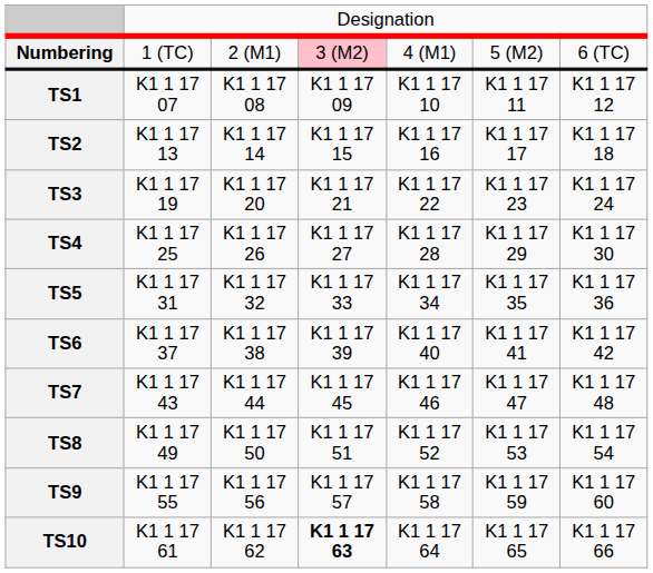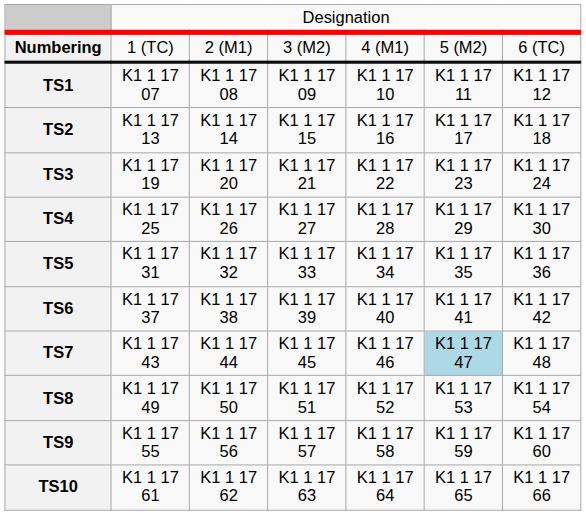 <table class="wikitable" summary="方面別編成表" style="text-align:center; margin-left:3em;">
 <tr>
 <td style="background:#ccc; width:6em;"> </td>
 <td colspan="6">Designation</td>
 </tr>
 <tr style="border-top:solid 5px #ff0000;">
 <th>Numbering</th>
 <td>1 (TC)</td>
 <td>2 (M1)</td>
-<td style="background: pink;">3 (M2)</td>
+<td>3 (M2)</td>
 <td>4 (M1)</td>
 <td>5 (M2)</td>
 <td>6 (TC)</td>
 </tr>
 <tr style="border-top:solid 3px #0b0b0b;">
 <th>TS1</th>
 <td>K1 1 17 07</td>
 <td>K1 1 17 08</td>
 <td>K1 1 17 09</td>
 <td>K1 1 17 10</td>
 <td>K1 1 17 11</td>
 <td>K1 1 17 12</td>
 </tr>
 <tr>
 <th>TS2</th>
 <td>K1 1 17 13</td>
 <td>K1 1 17 14</td>
 <td>K1 1 17 15</td>
 <td>K1 1 17 16</td>
 <td>K1 1 17 17</td>
 <td>K1 1 17 18</td>
 </tr>
 <tr>
 <th>TS3</th>
 <td>K1 1 17 19</td>
 <td>K1 1 17 20</td>
 <td>K1 1 17 21</td>
 <td>K1 1 17 22</td>
 <td>K1 1 17 23</td>
 <td>K1 1 17 24</td>
 </tr>
 <tr>
 <th>TS4</th>
 <td>K1 1 17 25</td>
 <td>K1 1 17 26</td>
 <td>K1 1 17 27</td>
 <td>K1 1 17 28</td>
 <td>K1 1 17 29</td>
 <td>K1 1 17 30</td>
 </tr>
 <tr>
 <th>TS5</th>
 <td>K1 1 17 31</td>
 <td>K1 1 17 32</td>
 <td>K1 1 17 33</td>
 <td>K1 1 17 34</td>
 <td>K1 1 17 35</td>
 <td>K1 1 17 36</td>
 </tr>
 <tr>
 <th>TS6</th>
 <td>K1 1 17 37</td>
 <td>K1 1 17 38</td>
 <td>K1 1 17 39</td>
 <td>K1 1 17 40</td>
 <td>K1 1 17 41</td>
 <td>K1 1 17 42</td>
 </tr>
 <tr>
 <th>TS7</th>
 <td>K1 1 17 43</td>
 <td>K1 1 17 44</td>
 <td>K1 1 17 45</td>
 <td>K1 1 17 46</td>
-<td>K1 1 17 47</td>
+<td style="background: lightblue;">K1 1 17 47</td>
 <td>K1 1 17 48</td>
 </tr>
 <tr>
 <th>TS8</th>
 <td>K1 1 17 49</td>
 <td>K1 1 17 50</td>
 <td>K1 1 17 51</td>
 <td>K1 1 17 52</td>
 <td>K1 1 17 53</td>
 <td>K1 1 17 54</td>
 </tr>
 <tr>
 <th>TS9</th>
 <td>K1 1 17 55</td>
 <td>K1 1 17 56</td>
 <td>K1 1 17 57</td>
 <td>K1 1 17 58</td>
 <td>K1 1 17 59</td>
 <td>K1 1 17 60</td>
 </tr>
 <tr>
 <th>TS10</th>
 <td>K1 1 17 61</td>
 <td>K1 1 17 62</td>
-<td><strong>K1 1 17 63</strong></td>
+<td>K1 1 17 63</td>
 <td>K1 1 17 64</td>
 <td>K1 1 17 65</td>
 <td>K1 1 17 66</td>
 </tr>
 </table>
